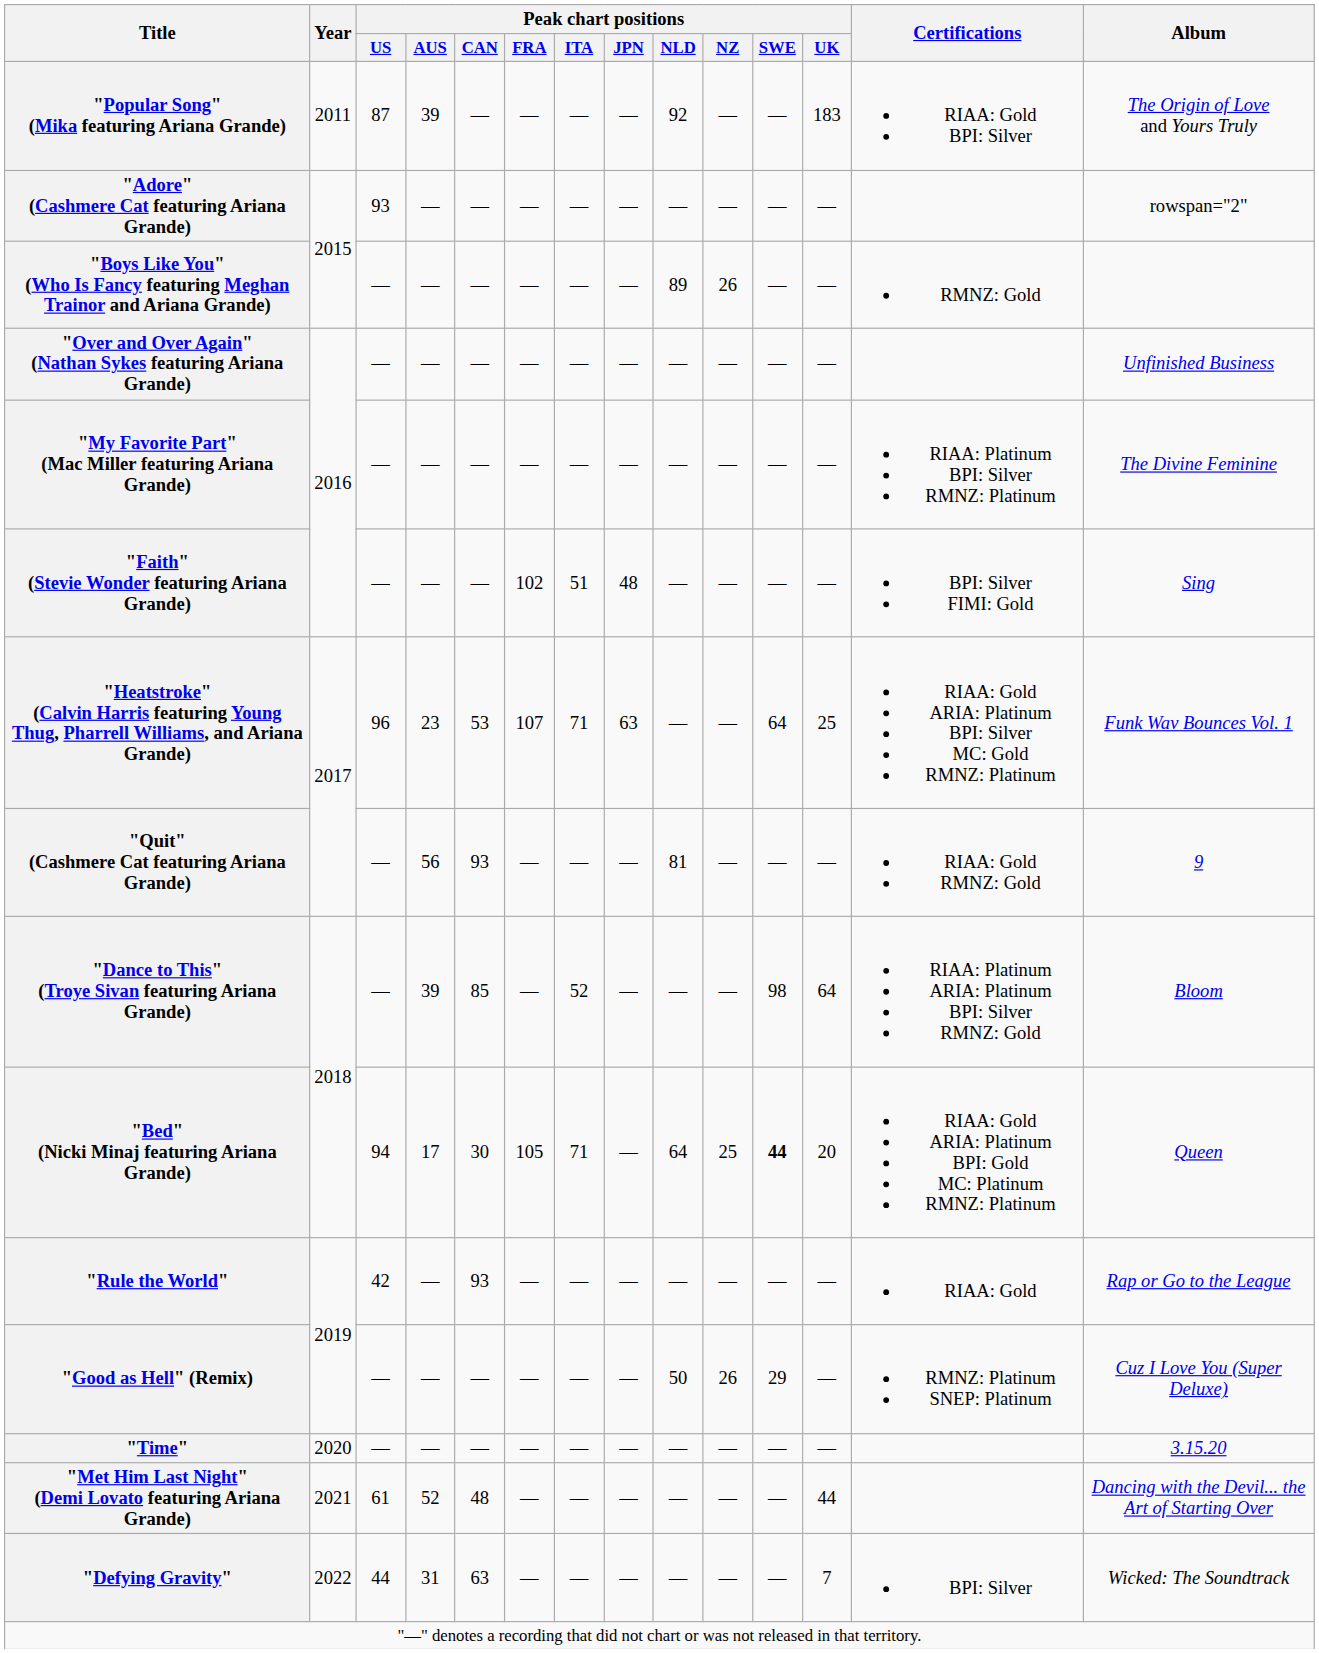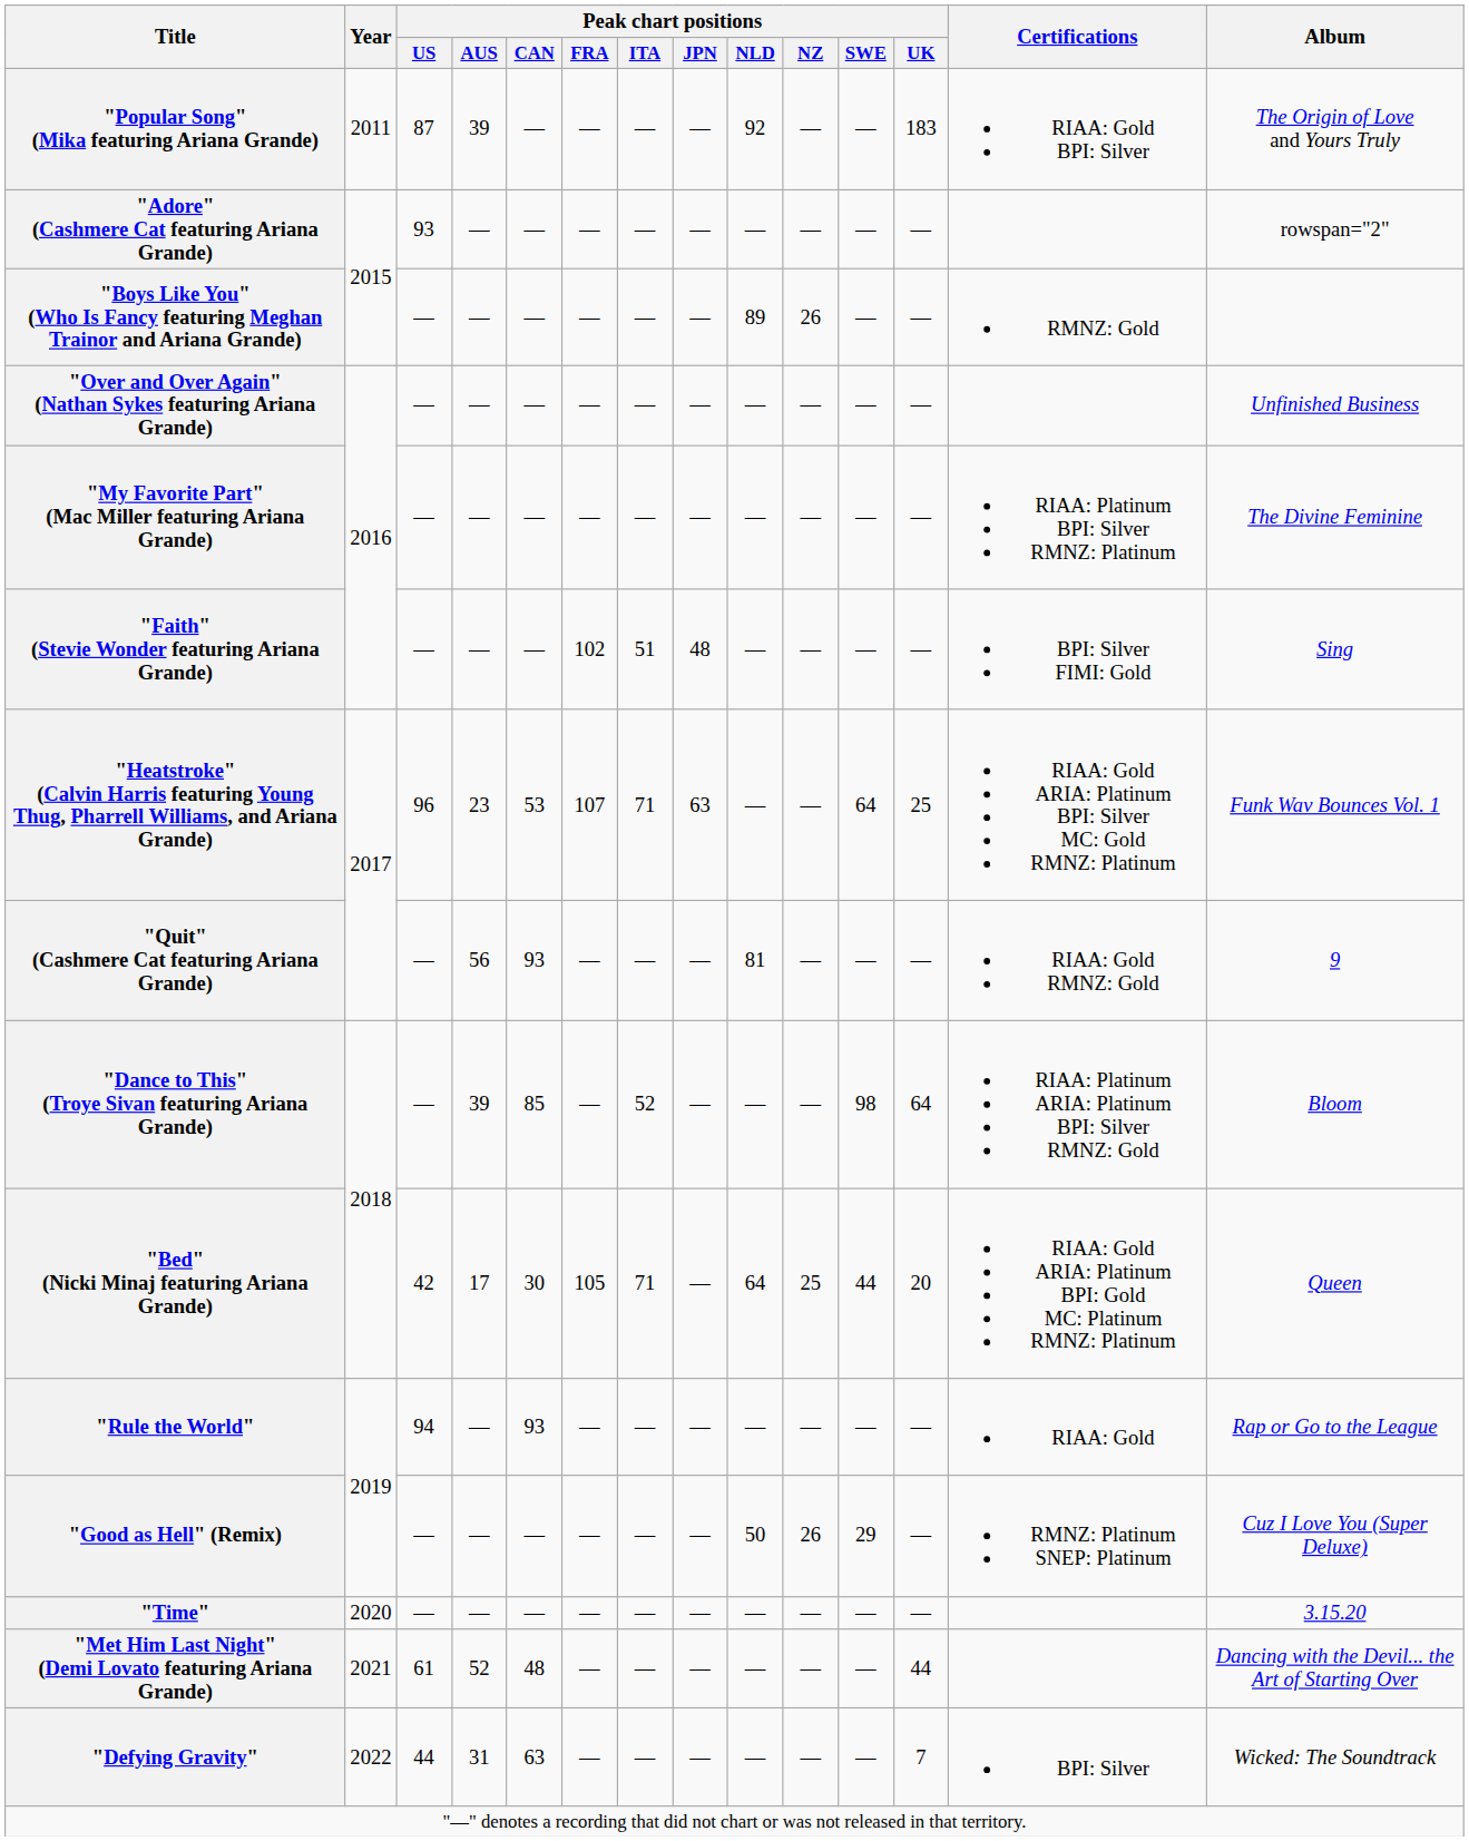 <table class="wikitable plainrowheaders" style="text-align:center;">
 <tr>
 <th scope="col" rowspan="2" style="width:16em;">Title</th>
 <th scope="col" rowspan="2">Year</th>
 <th scope="col" colspan="10">Peak chart positions</th>
 <th scope="col" rowspan="2" style="width:12em;"><a href='#'>Certifications</a></th>
 <th scope="col" rowspan="2" style="width:12em;">Album</th>
 </tr>
 <tr>
 <th scope="col" style="width:2.5em;font-size:90%;"><a href='#'>US</a><br></th>
 <th scope="col" style="width:2.5em;font-size:90%;"><a href='#'>AUS</a><br></th>
 <th scope="col" style="width:2.5em;font-size:90%;"><a href='#'>CAN</a><br></th>
 <th scope="col" style="width:2.5em;font-size:90%;"><a href='#'>FRA</a><br></th>
 <th scope="col" style="width:2.5em;font-size:90%;"><a href='#'>ITA</a><br></th>
 <th scope="col" style="width:2.5em;font-size:90%;"><a href='#'>JPN</a><br></th>
 <th scope="col" style="width:2.5em;font-size:90%;"><a href='#'>NLD</a><br></th>
 <th scope="col" style="width:2.5em;font-size:90%;"><a href='#'>NZ</a><br></th>
 <th scope="col" style="width:2.5em;font-size:90%;"><a href='#'>SWE</a><br></th>
 <th scope="col" style="width:2.5em;font-size:90%;"><a href='#'>UK</a><br></th>
 </tr>
 <tr>
 <th scope="row">"<a href='#'>Popular Song</a>"<br><span>(<a href='#'>Mika</a> featuring Ariana Grande)</span></th>
 <td>2011</td>
 <td>87</td>
 <td>39</td>
 <td>—</td>
 <td>—</td>
 <td>—</td>
 <td>—</td>
 <td>92</td>
 <td>—</td>
 <td>—</td>
 <td>183</td>
 <td><br><ul><li>RIAA: Gold</li><li>BPI: Silver</li></ul></td>
 <td><em><a href='#'>The Origin of Love</a></em><br>and <em>Yours Truly</em></td>
 </tr>
 <tr>
 <th scope="row">"<a href='#'>Adore</a>"<br><span>(<a href='#'>Cashmere Cat</a> featuring Ariana Grande)</span></th>
 <td rowspan="2">2015</td>
 <td>93</td>
 <td>—</td>
 <td>—</td>
 <td>—</td>
 <td>—</td>
 <td>—</td>
 <td>—</td>
 <td>—</td>
 <td>—</td>
 <td>—</td>
 <td></td>
 <td>rowspan="2" </td>
 </tr>
 <tr>
 <th scope="row">"<a href='#'>Boys Like You</a>"<br><span>(<a href='#'>Who Is Fancy</a> featuring <a href='#'>Meghan Trainor</a> and Ariana Grande)</span></th>
 <td>—</td>
 <td>—</td>
 <td>—</td>
 <td>—</td>
 <td>—</td>
 <td>—</td>
 <td>89</td>
 <td>26</td>
 <td>—</td>
 <td>—</td>
 <td><br><ul><li>RMNZ: Gold</li></ul></td>
 </tr>
 <tr>
 <th scope="row">"<a href='#'>Over and Over Again</a>"<br><span>(<a href='#'>Nathan Sykes</a> featuring Ariana Grande)</span></th>
 <td rowspan="3">2016</td>
 <td>—</td>
 <td>—</td>
 <td>—</td>
 <td>—</td>
 <td>—</td>
 <td>—</td>
 <td>—</td>
 <td>—</td>
 <td>—</td>
 <td>—</td>
 <td></td>
 <td><em><a href='#'>Unfinished Business</a></em></td>
 </tr>
 <tr>
 <th scope="row">"<a href='#'>My Favorite Part</a>"<br><span>(Mac Miller featuring Ariana Grande)</span></th>
 <td>—</td>
 <td>—</td>
 <td>—</td>
 <td>—</td>
 <td>—</td>
 <td>—</td>
 <td>—</td>
 <td>—</td>
 <td>—</td>
 <td>—</td>
 <td><br><ul><li>RIAA: Platinum</li><li>BPI: Silver</li><li>RMNZ: Platinum</li></ul></td>
 <td><em><a href='#'>The Divine Feminine</a></em></td>
 </tr>
 <tr>
 <th scope="row">"<a href='#'>Faith</a>"<br><span>(<a href='#'>Stevie Wonder</a> featuring Ariana Grande)</span></th>
 <td>—</td>
 <td>—</td>
 <td>—</td>
 <td>102</td>
 <td>51</td>
 <td>48</td>
 <td>—</td>
 <td>—</td>
 <td>—</td>
 <td>—</td>
 <td><br><ul><li>BPI: Silver</li><li>FIMI: Gold</li></ul></td>
 <td><em><a href='#'>Sing</a></em></td>
 </tr>
 <tr>
 <th scope="row">"<a href='#'>Heatstroke</a>"<br><span>(<a href='#'>Calvin Harris</a> featuring <a href='#'>Young Thug</a>, <a href='#'>Pharrell Williams</a>, and Ariana Grande)</span></th>
 <td rowspan="2">2017</td>
 <td>96</td>
 <td>23</td>
 <td>53</td>
 <td>107</td>
 <td>71</td>
 <td>63</td>
 <td>—</td>
 <td>—</td>
 <td>64</td>
 <td>25</td>
 <td><br><ul><li>RIAA: Gold</li><li>ARIA: Platinum</li><li>BPI: Silver</li><li>MC: Gold</li><li>RMNZ: Platinum</li></ul></td>
 <td><em><a href='#'>Funk Wav Bounces Vol. 1</a></em></td>
 </tr>
 <tr>
 <th scope="row">"Quit"<br><span>(Cashmere Cat featuring Ariana Grande)</span></th>
 <td>—</td>
 <td>56</td>
 <td>93</td>
 <td>—</td>
 <td>—</td>
 <td>—</td>
 <td>81</td>
 <td>—</td>
 <td>—</td>
 <td>—</td>
 <td><br><ul><li>RIAA: Gold</li><li>RMNZ: Gold</li></ul></td>
 <td><em><a href='#'>9</a></em></td>
 </tr>
 <tr>
 <th scope="row">"<a href='#'>Dance to This</a>"<br><span>(<a href='#'>Troye Sivan</a> featuring Ariana Grande)</span></th>
 <td rowspan="2">2018</td>
 <td>—</td>
 <td>39</td>
 <td>85</td>
 <td>—</td>
 <td>52</td>
 <td>—</td>
 <td>—</td>
 <td>—</td>
 <td>98</td>
 <td>64</td>
 <td><br><ul><li>RIAA: Platinum</li><li>ARIA: Platinum</li><li>BPI: Silver</li><li>RMNZ: Gold</li></ul></td>
 <td><em><a href='#'>Bloom</a></em></td>
 </tr>
 <tr>
 <th scope="row">"<a href='#'>Bed</a>"<br><span>(Nicki Minaj featuring Ariana Grande)</span></th>
-<td>94</td>
+<td>42</td>
 <td>17</td>
 <td>30</td>
 <td>105</td>
 <td>71</td>
 <td>—</td>
 <td>64</td>
 <td>25</td>
-<td><strong>44</strong></td>
+<td>44</td>
 <td>20</td>
 <td><br><ul><li>RIAA: Gold</li><li>ARIA: Platinum</li><li>BPI: Gold</li><li>MC: Platinum</li><li>RMNZ: Platinum</li></ul></td>
 <td><em><a href='#'>Queen</a></em></td>
 </tr>
 <tr>
 <th scope="row">"<a href='#'>Rule the World</a>"<br></th>
 <td rowspan="2">2019</td>
-<td>42</td>
+<td>94</td>
 <td>—</td>
 <td>93</td>
 <td>—</td>
 <td>—</td>
 <td>—</td>
 <td>—</td>
 <td>—</td>
 <td>—</td>
 <td>—</td>
 <td><br><ul><li>RIAA: Gold</li></ul></td>
 <td><em><a href='#'>Rap or Go to the League</a></em></td>
 </tr>
 <tr>
 <th scope="row">"<a href='#'>Good as Hell</a>" (Remix)<br></th>
 <td>—</td>
 <td>—</td>
 <td>—</td>
 <td>—</td>
 <td>—</td>
 <td>—</td>
 <td>50</td>
 <td>26</td>
 <td>29</td>
 <td>—</td>
 <td><br><ul><li>RMNZ: Platinum</li><li>SNEP: Platinum</li></ul></td>
 <td><em><a href='#'>Cuz I Love You (Super Deluxe)</a></em></td>
 </tr>
 <tr>
 <th scope="row">"<a href='#'>Time</a>"<br></th>
 <td>2020</td>
 <td>—</td>
 <td>—</td>
 <td>—</td>
 <td>—</td>
 <td>—</td>
 <td>—</td>
 <td>—</td>
 <td>—</td>
 <td>—</td>
 <td>—</td>
 <td></td>
 <td><em><a href='#'>3.15.20</a></em></td>
 </tr>
 <tr>
 <th scope="row">"<a href='#'>Met Him Last Night</a>"<br><span>(<a href='#'>Demi Lovato</a> featuring Ariana Grande)</span></th>
 <td>2021</td>
 <td>61</td>
 <td>52</td>
 <td>48</td>
 <td>—</td>
 <td>—</td>
 <td>—</td>
 <td>—</td>
 <td>—</td>
 <td>—</td>
 <td>44</td>
 <td></td>
 <td><em><a href='#'>Dancing with the Devil... the Art of Starting Over</a></em></td>
 </tr>
 <tr>
 <th scope="row">"<a href='#'>Defying Gravity</a>"<br></th>
 <td>2022</td>
 <td>44</td>
 <td>31</td>
 <td>63</td>
 <td>—</td>
 <td>—</td>
 <td>—</td>
 <td>—</td>
 <td>—</td>
 <td>—</td>
 <td>7</td>
 <td><br><ul><li>BPI: Silver</li></ul></td>
 <td><em>Wicked: The Soundtrack</em></td>
 </tr>
 <tr>
 <td colspan="14" style="font-size:90%">"—" denotes a recording that did not chart or was not released in that territory.</td>
 </tr>
 </table>
